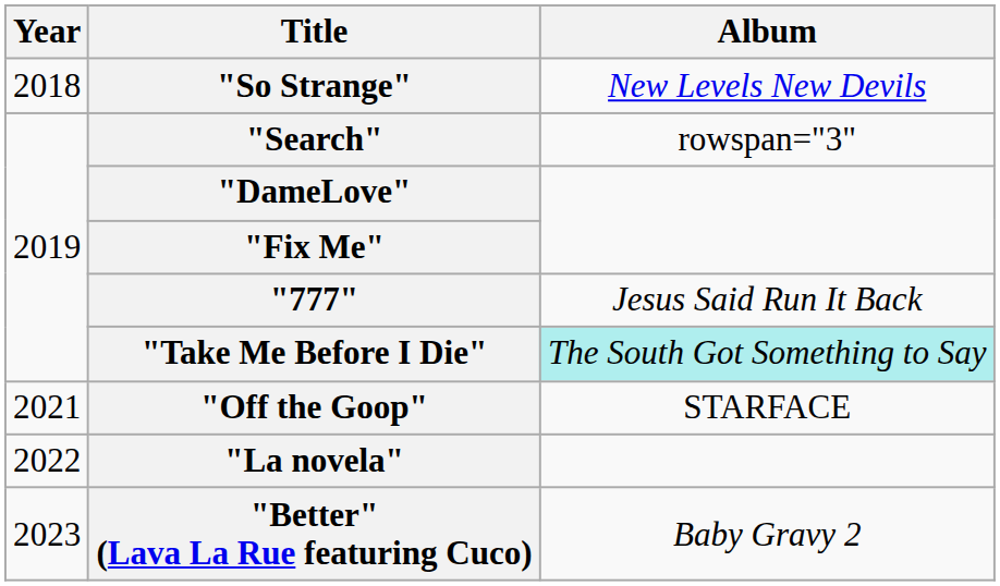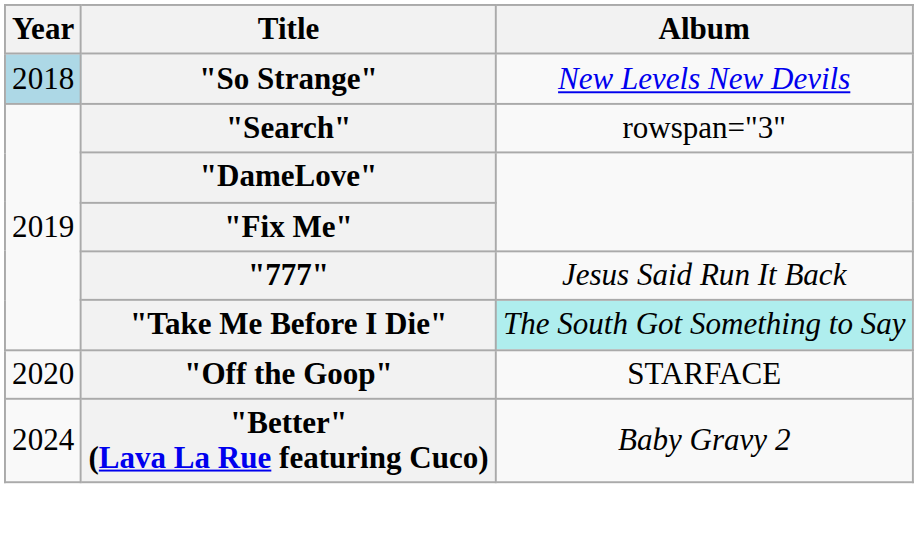 <table class="wikitable plainrowheaders" style="text-align:center;">
 <tr>
 <th scope="col">Year</th>
 <th scope="col">Title</th>
 <th scope="col">Album</th>
 </tr>
 <tr>
-<td>2018</td>
+<td style="background: lightblue;">2018</td>
 <th scope="row">"So Strange"<br></th>
 <td><em><a href='#'>New Levels New Devils</a></em></td>
 </tr>
 <tr>
 <td rowspan="5">2019</td>
 <th scope="row">"Search"<br></th>
 <td>rowspan="3" </td>
 </tr>
 <tr>
 <th scope="row">"DameLove"<br></th>
 </tr>
 <tr>
 <th scope="row">"Fix Me"<br></th>
 </tr>
 <tr>
 <th scope="row">"777"<br></th>
 <td><em>Jesus Said Run It Back</em></td>
 </tr>
 <tr>
 <th scope="row">"Take Me Before I Die"<br></th>
 <td style="background: paleturquoise;"><em>The South Got Something to Say</em></td>
 </tr>
 <tr>
-<td>2021</td>
+<td>2020</td>
 <th scope="row">"Off the Goop"<br></th>
 <td>STARFACE</td>
 </tr>
 <tr>
-<td>2022</td>
-<th scope="row">"La novela"<br></th>
-<td></td>
-</tr>
-<tr>
-<td>2023</td>
+<td>2024</td>
 <th>"Better"<br>(<a href='#'>Lava La Rue</a> featuring Cuco)</th>
 <td><em>Baby Gravy 2</em></td>
 </tr>
 </table>
